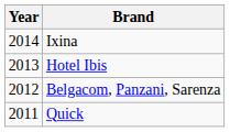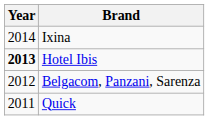 <table class="wikitable">
 <tr>
 <th>Year</th>
 <th>Brand</th>
 </tr>
 <tr>
 <td>2014</td>
 <td>Ixina</td>
 </tr>
 <tr>
-<td>2013</td>
+<td><strong>2013</strong></td>
 <td><a href='#'>Hotel Ibis</a></td>
 </tr>
 <tr>
 <td>2012</td>
 <td><a href='#'>Belgacom</a>, <a href='#'>Panzani</a>, Sarenza</td>
 </tr>
 <tr>
 <td>2011</td>
 <td><a href='#'>Quick</a></td>
 </tr>
 </table>
